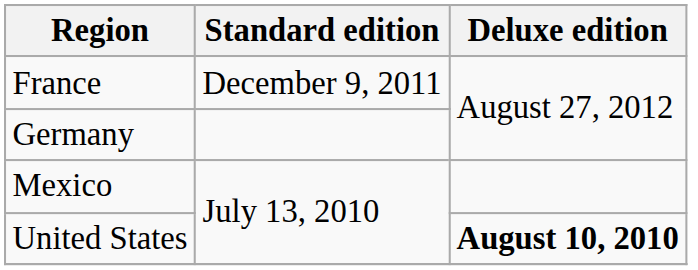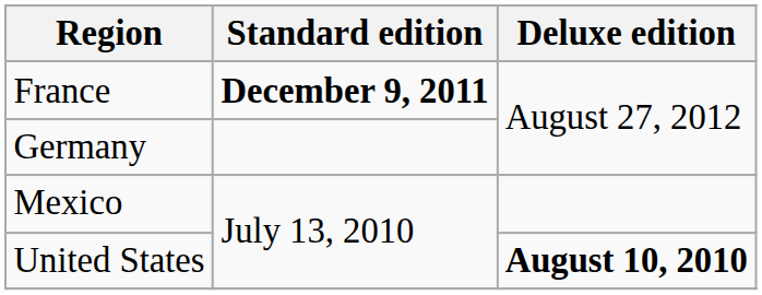 <table class="wikitable">
 <tr>
 <th>Region</th>
 <th>Standard edition</th>
 <th>Deluxe edition</th>
 </tr>
 <tr>
 <td scope="row">France</td>
-<td>December 9, 2011</td>
+<td><strong>December 9, 2011</strong></td>
 <td rowspan=2>August 27, 2012</td>
 </tr>
 <tr>
 <td scope="row">Germany</td>
 <td></td>
 </tr>
 <tr>
 <td scope="row">Mexico</td>
 <td rowspan=2>July 13, 2010</td>
 <td></td>
 </tr>
 <tr>
 <td scope="row">United States</td>
 <td><strong>August 10, 2010</strong></td>
 </tr>
 <tr>
 </tr>
 </table>
